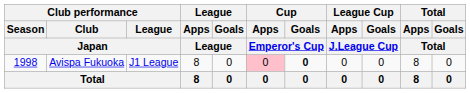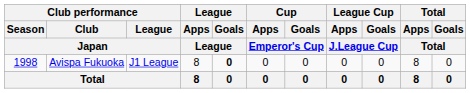 <table class="wikitable" style="text-align:center">
 <tr>
 <th colspan=3>Club performance</th>
 <th colspan=2>League</th>
 <th colspan=2>Cup</th>
 <th colspan=2>League Cup</th>
 <th colspan=2>Total</th>
 </tr>
 <tr>
 <th>Season</th>
 <th>Club</th>
 <th>League</th>
 <th>Apps</th>
 <th>Goals</th>
 <th>Apps</th>
 <th>Goals</th>
 <th>Apps</th>
 <th>Goals</th>
 <th>Apps</th>
 <th>Goals</th>
 </tr>
 <tr>
 <th colspan=3>Japan</th>
 <th colspan=2>League</th>
 <th colspan=2><a href='#'>Emperor's Cup</a></th>
 <th colspan=2><a href='#'>J.League Cup</a></th>
 <th colspan=2>Total</th>
 </tr>
 <tr>
 <td><a href='#'>1998</a></td>
 <td><a href='#'>Avispa Fukuoka</a></td>
 <td><a href='#'>J1 League</a></td>
 <td>8</td>
+<td><strong>0</strong></td>
 <td>0</td>
-<td style="background: pink;">0</td>
-<td><strong>0</strong></td>
+<td>0</td>
 <td>0</td>
 <td>0</td>
 <td>8</td>
 <td>0</td>
 </tr>
 <tr>
 <th colspan=3>Total</th>
 <th>8</th>
 <th>0</th>
 <th>0</th>
 <th>0</th>
 <th>0</th>
 <th>0</th>
 <th>8</th>
 <th>0</th>
 </tr>
 </table>
